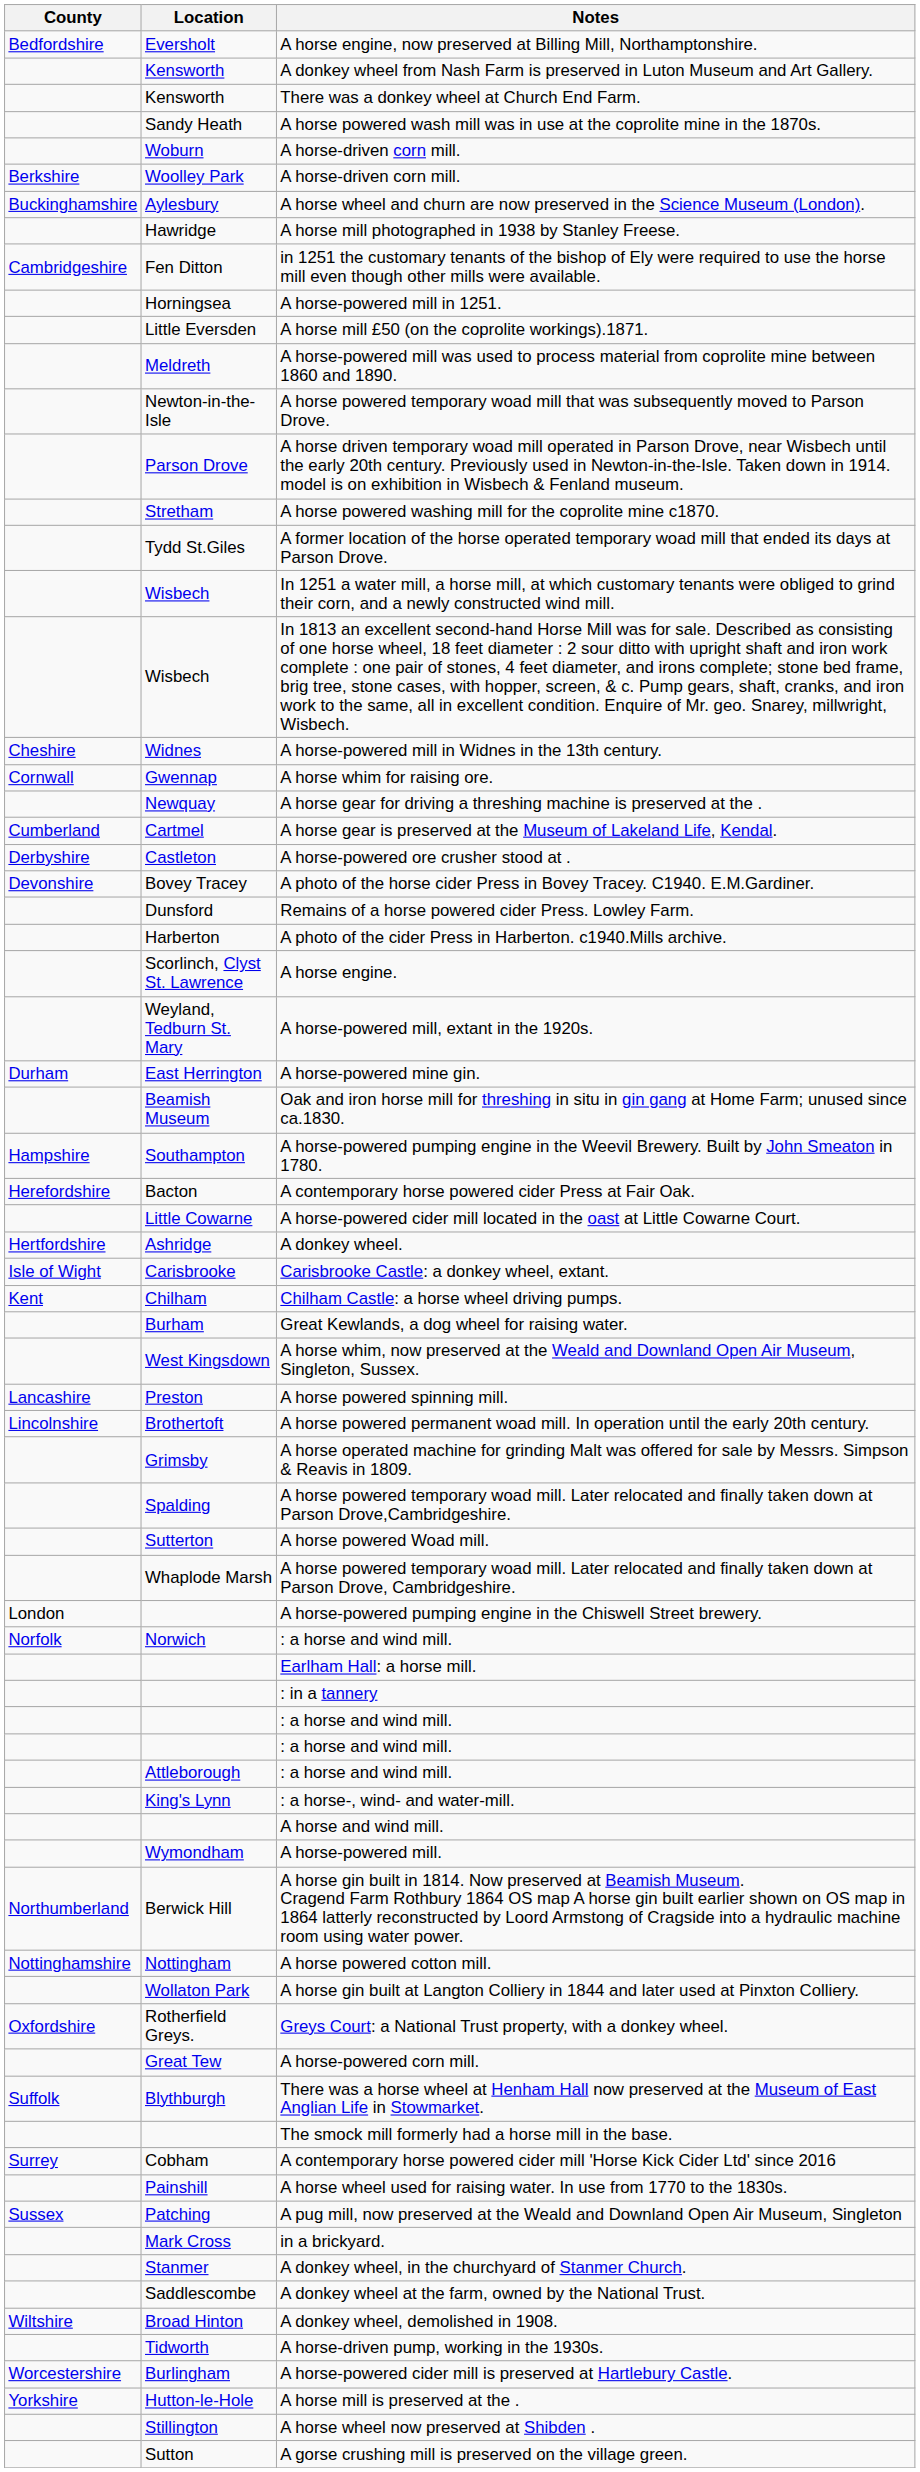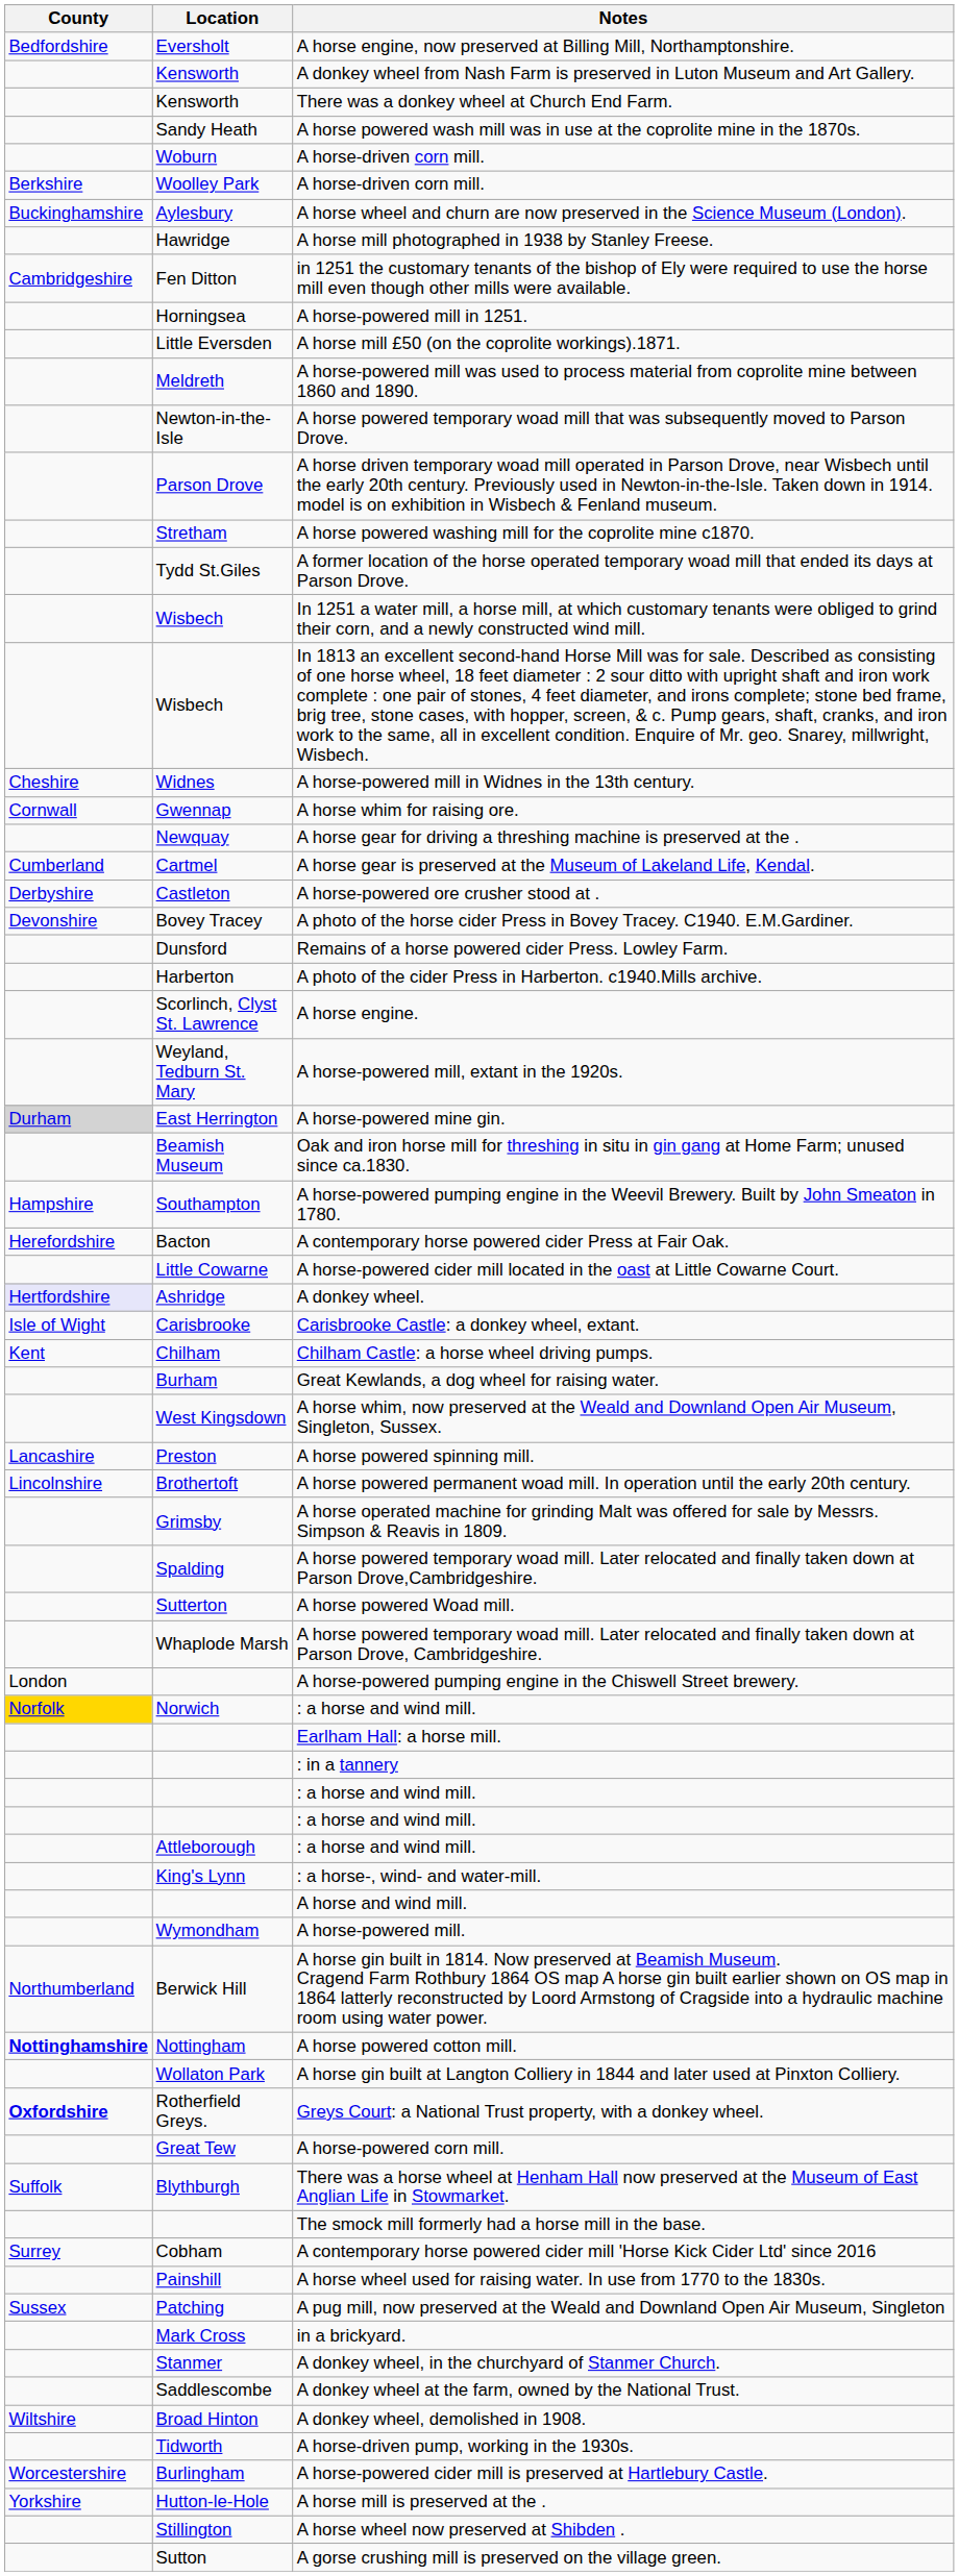 <table class="wikitable">
 <tr>
 <th>County</th>
 <th>Location</th>
 <th>Notes</th>
 </tr>
 <tr>
 <td><a href='#'>Bedfordshire</a></td>
 <td><a href='#'>Eversholt</a></td>
 <td>A horse engine, now preserved at Billing Mill, Northamptonshire.</td>
 </tr>
 <tr>
 <td></td>
 <td><a href='#'>Kensworth</a></td>
 <td>A donkey wheel from Nash Farm is preserved in Luton Museum and Art Gallery.</td>
 </tr>
 <tr>
 <td></td>
 <td>Kensworth</td>
 <td>There was a donkey wheel at Church End Farm.</td>
 </tr>
 <tr>
 <td></td>
 <td>Sandy Heath</td>
 <td>A horse powered wash mill was in use at the coprolite mine in the 1870s.</td>
 </tr>
 <tr>
 <td></td>
 <td><a href='#'>Woburn</a></td>
 <td>A horse-driven <a href='#'>corn</a> mill.</td>
 </tr>
 <tr>
 <td><a href='#'>Berkshire</a></td>
 <td><a href='#'>Woolley Park</a></td>
 <td>A horse-driven corn mill.</td>
 </tr>
 <tr>
 <td><a href='#'>Buckinghamshire</a></td>
 <td><a href='#'>Aylesbury</a></td>
 <td>A horse wheel and churn are now preserved in the <a href='#'>Science Museum (London)</a>.</td>
 </tr>
 <tr>
 <td></td>
 <td>Hawridge</td>
 <td>A horse mill photographed in 1938 by Stanley Freese.</td>
 </tr>
 <tr>
 <td><a href='#'>Cambridgeshire</a></td>
 <td>Fen Ditton</td>
 <td>in 1251 the customary tenants of the bishop of Ely were required to use the horse mill even though other mills were available.</td>
 </tr>
 <tr>
 <td></td>
 <td>Horningsea</td>
 <td>A horse-powered mill in 1251.</td>
 </tr>
 <tr>
 <td></td>
 <td>Little Eversden</td>
 <td>A horse mill £50 (on the coprolite workings).1871.</td>
 </tr>
 <tr>
 <td></td>
 <td><a href='#'>Meldreth</a></td>
 <td>A horse-powered mill was used to process material from coprolite mine between 1860 and 1890.</td>
 </tr>
 <tr>
 <td></td>
 <td>Newton-in-the-Isle</td>
 <td>A horse powered temporary woad mill that was subsequently moved to Parson Drove.</td>
 </tr>
 <tr>
 <td></td>
 <td><a href='#'>Parson Drove</a></td>
 <td>A horse driven temporary woad mill operated in Parson Drove, near Wisbech until the early 20th century. Previously used in Newton-in-the-Isle. Taken down in 1914. model is on exhibition in Wisbech & Fenland museum.</td>
 </tr>
 <tr>
 <td></td>
 <td><a href='#'>Stretham</a></td>
 <td>A horse powered washing mill for the coprolite mine c1870.</td>
 </tr>
 <tr>
 <td></td>
 <td>Tydd St.Giles</td>
 <td>A former location of the horse operated temporary woad mill that ended its days at Parson Drove.</td>
 </tr>
 <tr>
 <td></td>
 <td><a href='#'>Wisbech</a></td>
 <td>In 1251 a water mill, a horse mill, at which customary tenants were obliged to grind their corn, and a newly constructed wind mill.</td>
 </tr>
 <tr>
 <td></td>
 <td>Wisbech</td>
 <td>In 1813 an excellent second-hand Horse Mill was for sale. Described as consisting of one horse wheel, 18 feet diameter : 2 sour ditto with upright shaft and iron work complete : one pair of stones, 4 feet diameter, and irons complete; stone bed frame, brig tree, stone cases, with hopper, screen, & c. Pump gears, shaft, cranks, and iron work to the same, all in excellent condition. Enquire of Mr. geo. Snarey, millwright, Wisbech.</td>
 </tr>
 <tr>
 <td><a href='#'>Cheshire</a></td>
 <td><a href='#'>Widnes</a></td>
 <td>A horse-powered mill in Widnes in the 13th century.</td>
 </tr>
 <tr>
 <td><a href='#'>Cornwall</a></td>
 <td><a href='#'>Gwennap</a></td>
 <td>A horse whim for raising ore.</td>
 </tr>
 <tr>
 <td></td>
 <td><a href='#'>Newquay</a></td>
 <td>A horse gear for driving a threshing machine is preserved at the .</td>
 </tr>
 <tr>
 <td><a href='#'>Cumberland</a></td>
 <td><a href='#'>Cartmel</a></td>
 <td>A horse gear is preserved at the <a href='#'>Museum of Lakeland Life</a>, <a href='#'>Kendal</a>.</td>
 </tr>
 <tr>
 <td><a href='#'>Derbyshire</a></td>
 <td><a href='#'>Castleton</a></td>
 <td>A horse-powered ore crusher stood at .</td>
 </tr>
 <tr>
 <td><a href='#'>Devonshire</a></td>
 <td>Bovey Tracey</td>
 <td>A photo of the horse cider Press in Bovey Tracey. C1940. E.M.Gardiner.</td>
 </tr>
 <tr>
 <td></td>
 <td>Dunsford</td>
 <td>Remains of a horse powered cider Press. Lowley Farm.</td>
 </tr>
 <tr>
 <td></td>
 <td>Harberton</td>
 <td>A photo of the cider Press in Harberton. c1940.Mills archive.</td>
 </tr>
 <tr>
 <td></td>
 <td>Scorlinch, <a href='#'>Clyst St. Lawrence</a></td>
 <td>A horse engine.</td>
 </tr>
 <tr>
 <td></td>
 <td>Weyland, <a href='#'>Tedburn St. Mary</a></td>
 <td>A horse-powered mill, extant in the 1920s.</td>
 </tr>
 <tr>
-<td><a href='#'>Durham</a></td>
+<td style="background: lightgrey;"><a href='#'>Durham</a></td>
 <td><a href='#'>East Herrington</a></td>
 <td>A horse-powered mine gin.</td>
 </tr>
 <tr>
 <td></td>
 <td><a href='#'>Beamish Museum</a></td>
 <td>Oak and iron horse mill for <a href='#'>threshing</a> in situ in <a href='#'>gin gang</a> at Home Farm; unused since ca.1830.</td>
 </tr>
 <tr>
 <td><a href='#'>Hampshire</a></td>
 <td><a href='#'>Southampton</a></td>
 <td>A horse-powered pumping engine in the Weevil Brewery. Built by <a href='#'>John Smeaton</a> in 1780.</td>
 </tr>
 <tr>
 <td><a href='#'>Herefordshire</a></td>
 <td>Bacton</td>
 <td>A contemporary horse powered cider Press at Fair Oak.</td>
 </tr>
 <tr>
 <td></td>
 <td><a href='#'>Little Cowarne</a></td>
 <td>A horse-powered cider mill located in the <a href='#'>oast</a> at Little Cowarne Court.</td>
 </tr>
 <tr>
-<td><a href='#'>Hertfordshire</a></td>
+<td style="background: lavender;"><a href='#'>Hertfordshire</a></td>
 <td><a href='#'>Ashridge</a></td>
 <td>A donkey wheel.</td>
 </tr>
 <tr>
 <td><a href='#'>Isle of Wight</a></td>
 <td><a href='#'>Carisbrooke</a></td>
 <td><a href='#'>Carisbrooke Castle</a>: a donkey wheel, extant.</td>
 </tr>
 <tr>
 <td><a href='#'>Kent</a></td>
 <td><a href='#'>Chilham</a></td>
 <td><a href='#'>Chilham Castle</a>: a horse wheel driving pumps.</td>
 </tr>
 <tr>
 <td></td>
 <td><a href='#'>Burham</a></td>
 <td>Great Kewlands, a dog wheel for raising water.</td>
 </tr>
 <tr>
 <td></td>
 <td><a href='#'>West Kingsdown</a></td>
 <td>A horse whim, now preserved at the <a href='#'>Weald and Downland Open Air Museum</a>, Singleton, Sussex.</td>
 </tr>
 <tr>
 <td><a href='#'>Lancashire</a></td>
 <td><a href='#'>Preston</a></td>
 <td>A horse powered spinning mill.</td>
 </tr>
 <tr>
 <td><a href='#'>Lincolnshire</a></td>
 <td><a href='#'>Brothertoft</a></td>
 <td>A horse powered permanent woad mill. In operation until the early 20th century.</td>
 </tr>
 <tr>
 <td></td>
 <td><a href='#'>Grimsby</a></td>
 <td>A horse operated machine for grinding Malt was offered for sale by Messrs. Simpson & Reavis in 1809.</td>
 </tr>
 <tr>
 <td></td>
 <td><a href='#'>Spalding</a></td>
 <td>A horse powered temporary woad mill. Later relocated and finally taken down at Parson Drove,Cambridgeshire.</td>
 </tr>
 <tr>
 <td></td>
 <td><a href='#'>Sutterton</a></td>
 <td>A horse powered Woad mill.</td>
 </tr>
 <tr>
 <td></td>
 <td>Whaplode Marsh</td>
 <td>A horse powered temporary woad mill. Later relocated and finally taken down at Parson Drove, Cambridgeshire.</td>
 </tr>
 <tr>
 <td>London</td>
 <td></td>
 <td>A horse-powered pumping engine in the Chiswell Street brewery.</td>
 </tr>
 <tr>
-<td><a href='#'>Norfolk</a></td>
+<td style="background: gold;"><a href='#'>Norfolk</a></td>
 <td><a href='#'>Norwich</a></td>
 <td>: a horse and wind mill.</td>
 </tr>
 <tr>
 <td></td>
 <td></td>
 <td><a href='#'>Earlham Hall</a>: a horse mill.</td>
 </tr>
 <tr>
 <td></td>
 <td></td>
 <td>: in a <a href='#'>tannery</a></td>
 </tr>
 <tr>
 <td></td>
 <td></td>
 <td>: a horse and wind mill.</td>
 </tr>
 <tr>
 <td></td>
 <td></td>
 <td>: a horse and wind mill.</td>
 </tr>
 <tr>
 <td></td>
 <td><a href='#'>Attleborough</a></td>
 <td>: a horse and wind mill.</td>
 </tr>
 <tr>
 <td></td>
 <td><a href='#'>King's Lynn</a></td>
 <td>: a horse-, wind- and water-mill.</td>
 </tr>
 <tr>
 <td></td>
 <td></td>
 <td>A horse and wind mill.</td>
 </tr>
 <tr>
 <td></td>
 <td><a href='#'>Wymondham</a></td>
 <td>A horse-powered mill.</td>
 </tr>
 <tr>
 <td><a href='#'>Northumberland</a></td>
 <td>Berwick Hill</td>
 <td>A horse gin built in 1814. Now preserved at <a href='#'>Beamish Museum</a>.<br>Cragend Farm Rothbury 1864 OS map A horse gin built earlier shown on OS map in 1864 latterly reconstructed by Loord Armstong of Cragside into a hydraulic machine room using water power.</td>
 </tr>
 <tr>
-<td><a href='#'>Nottinghamshire</a></td>
+<td><strong><a href='#'>Nottinghamshire</a></strong></td>
 <td><a href='#'>Nottingham</a></td>
 <td>A horse powered cotton mill.</td>
 </tr>
 <tr>
 <td></td>
 <td><a href='#'>Wollaton Park</a></td>
 <td>A horse gin built at Langton Colliery in 1844 and later used at Pinxton Colliery.</td>
 </tr>
 <tr>
-<td><a href='#'>Oxfordshire</a></td>
+<td><strong><a href='#'>Oxfordshire</a></strong></td>
 <td>Rotherfield Greys.</td>
 <td><a href='#'>Greys Court</a>: a National Trust property, with a donkey wheel.</td>
 </tr>
 <tr>
 <td></td>
 <td><a href='#'>Great Tew</a></td>
 <td>A horse-powered corn mill.</td>
 </tr>
 <tr>
 <td><a href='#'>Suffolk</a></td>
 <td><a href='#'>Blythburgh</a></td>
 <td>There was a horse wheel at <a href='#'>Henham Hall</a> now preserved at the <a href='#'>Museum of East Anglian Life</a> in <a href='#'>Stowmarket</a>.</td>
 </tr>
 <tr>
 <td></td>
 <td></td>
 <td>The smock mill formerly had a horse mill in the base.</td>
 </tr>
 <tr>
 <td><a href='#'>Surrey</a></td>
 <td>Cobham</td>
 <td>A contemporary horse powered cider mill 'Horse Kick Cider Ltd' since 2016</td>
 </tr>
 <tr>
 <td></td>
 <td><a href='#'>Painshill</a></td>
 <td>A horse wheel used for raising water. In use from 1770 to the 1830s.</td>
 </tr>
 <tr>
 <td><a href='#'>Sussex</a></td>
 <td><a href='#'>Patching</a></td>
 <td>A pug mill, now preserved at the Weald and Downland Open Air Museum, Singleton</td>
 </tr>
 <tr>
 <td></td>
 <td><a href='#'>Mark Cross</a></td>
 <td> in a brickyard.</td>
 </tr>
 <tr>
 <td></td>
 <td><a href='#'>Stanmer</a></td>
 <td>A donkey wheel, in the churchyard of <a href='#'>Stanmer Church</a>.</td>
 </tr>
 <tr>
 <td></td>
 <td>Saddlescombe</td>
 <td>A donkey wheel at the farm, owned by the National Trust.</td>
 </tr>
 <tr>
 <td><a href='#'>Wiltshire</a></td>
 <td><a href='#'>Broad Hinton</a></td>
 <td>A donkey wheel, demolished in 1908.</td>
 </tr>
 <tr>
 <td></td>
 <td><a href='#'>Tidworth</a></td>
 <td>A horse-driven pump, working in the 1930s.</td>
 </tr>
 <tr>
 <td><a href='#'>Worcestershire</a></td>
 <td><a href='#'>Burlingham</a></td>
 <td>A horse-powered cider mill is preserved at <a href='#'>Hartlebury Castle</a>.</td>
 </tr>
 <tr>
 <td><a href='#'>Yorkshire</a></td>
 <td><a href='#'>Hutton-le-Hole</a></td>
 <td>A horse mill is preserved at the .</td>
 </tr>
 <tr>
 <td></td>
 <td><a href='#'>Stillington</a></td>
 <td>A horse wheel now preserved at <a href='#'>Shibden</a> .</td>
 </tr>
 <tr>
 <td></td>
 <td>Sutton</td>
 <td>A gorse crushing mill is preserved on the village green.</td>
 </tr>
 </table>
